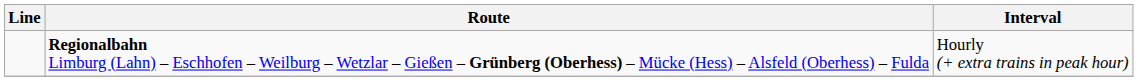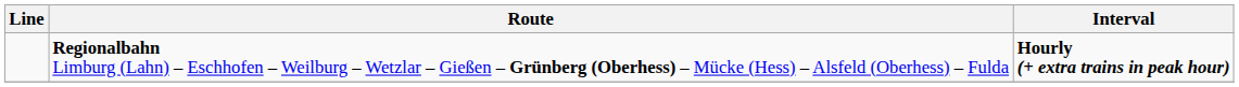 <table class="wikitable">
 <tr>
 <th>Line</th>
 <th>Route</th>
 <th>Interval</th>
 </tr>
 <tr>
 <td></td>
 <td><strong>Regionalbahn</strong><br><a href='#'>Limburg (Lahn)</a> – <a href='#'>Eschhofen</a> – <a href='#'>Weilburg</a> – <a href='#'>Wetzlar</a> – <a href='#'>Gießen</a> – <strong>Grünberg (Oberhess)</strong> – <a href='#'>Mücke (Hess)</a> – <a href='#'>Alsfeld (Oberhess)</a> – <a href='#'>Fulda</a></td>
-<td>Hourly<br> <em>(+ extra trains in peak hour)</em></td>
+<td><strong>Hourly<br> <em>(+ extra trains in peak hour)</em></strong></td>
 </tr>
 <tr>
 </tr>
 </table>
